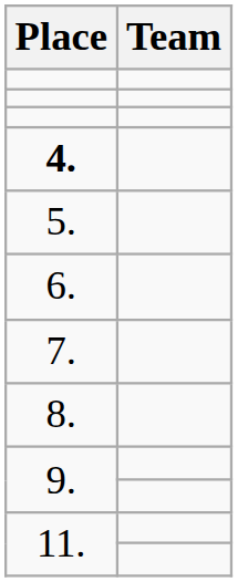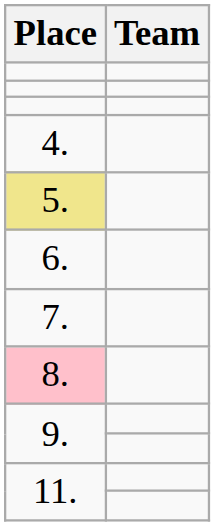 <table class="wikitable">
 <tr>
 <th>Place</th>
 <th>Team</th>
 </tr>
 <tr>
 <td align="center"></td>
 <td></td>
 </tr>
 <tr>
 <td align="center"></td>
 <td></td>
 </tr>
 <tr>
 <td align="center"></td>
 <td></td>
 </tr>
 <tr>
-<td align="center"><strong>4.</strong></td>
+<td align="center">4.</td>
 <td></td>
 </tr>
 <tr>
-<td align="center">5.</td>
+<td align="center" style="background: khaki;">5.</td>
 <td></td>
 </tr>
 <tr>
 <td align="center">6.</td>
 <td></td>
 </tr>
 <tr>
 <td align="center">7.</td>
 <td></td>
 </tr>
 <tr>
-<td align="center">8.</td>
+<td align="center" style="background: pink;">8.</td>
 <td></td>
 </tr>
 <tr>
 <td rowspan=2 align="center">9.</td>
 <td></td>
 </tr>
 <tr>
 <td></td>
 </tr>
 <tr>
 <td rowspan=2 align="center">11.</td>
 <td></td>
 </tr>
 <tr>
 <td></td>
 </tr>
 </table>
